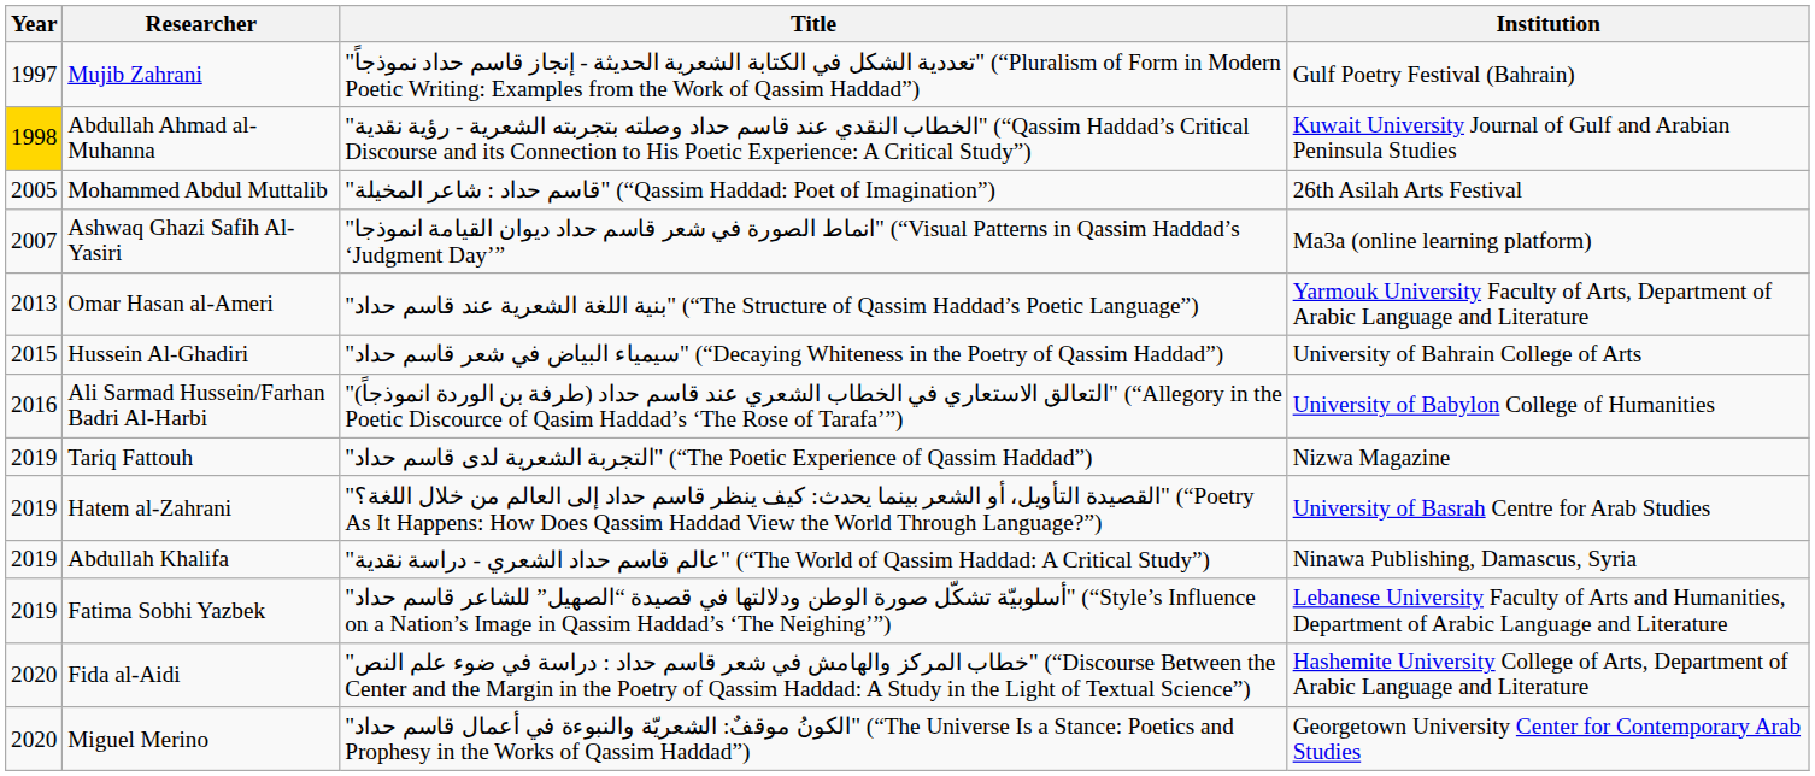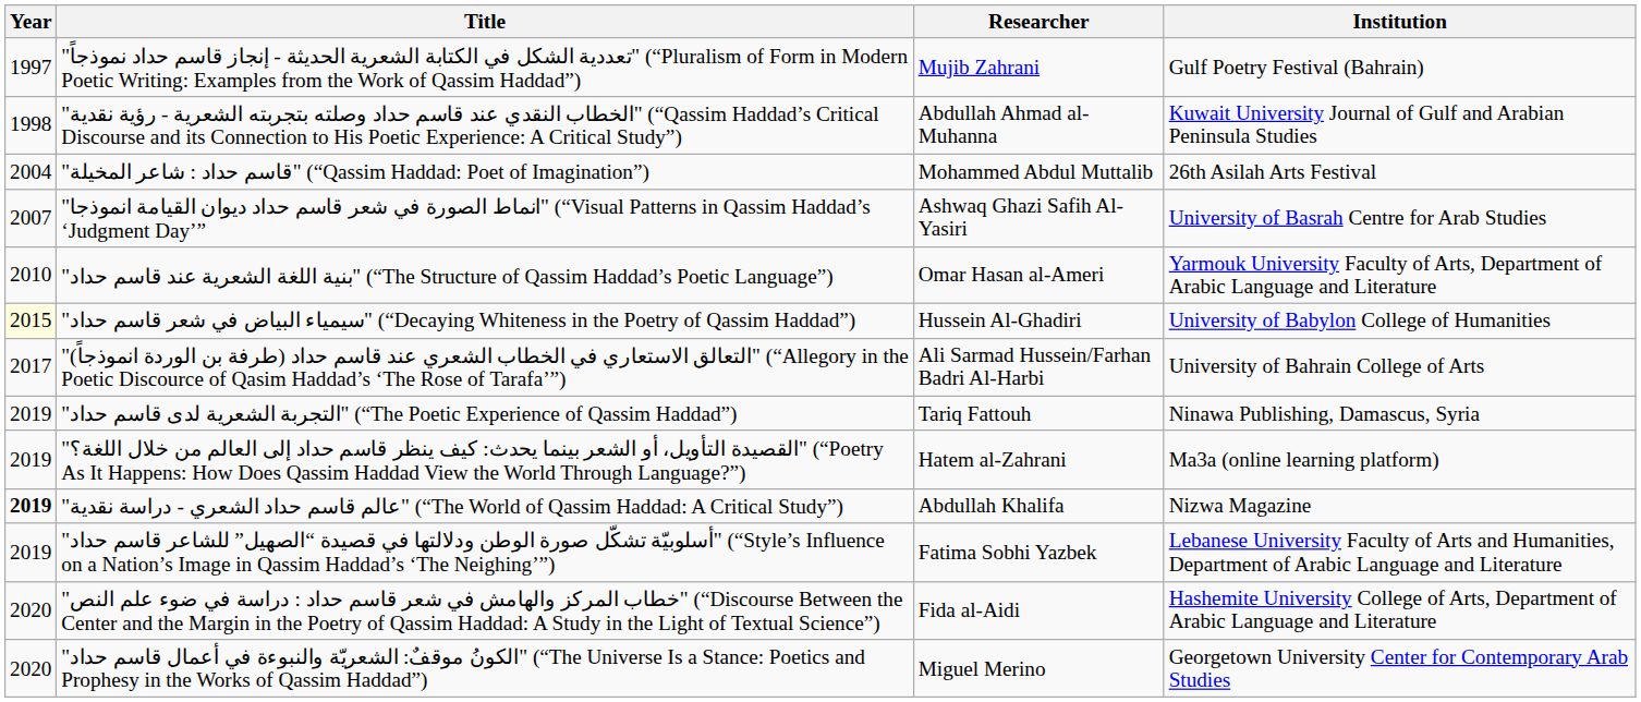 <table class="wikitable">
 <tr>
 <th>Year</th>
+<th>Title</th>
 <th>Researcher</th>
-<th>Title</th>
 <th>Institution</th>
 </tr>
 <tr>
 <td>1997</td>
+<td>"تعددية الشكل في الكتابة الشعرية الحديثة - إنجاز قاسم حداد نموذجاً" (“Pluralism of Form in Modern Poetic Writing: Examples from the Work of Qassim Haddad”)</td>
 <td><a href='#'>Mujib Zahrani</a></td>
-<td>"تعددية الشكل في الكتابة الشعرية الحديثة - إنجاز قاسم حداد نموذجاً" (“Pluralism of Form in Modern Poetic Writing: Examples from the Work of Qassim Haddad”)</td>
 <td>Gulf Poetry Festival (Bahrain)</td>
 </tr>
 <tr>
-<td style="background: gold;">1998</td>
+<td>1998</td>
+<td>"الخطاب النقدي عند قاسم حداد وصلته بتجربته الشعرية - رؤية نقدية" (“Qassim Haddad’s Critical Discourse and its Connection to His Poetic Experience: A Critical Study”)</td>
 <td>Abdullah Ahmad al-Muhanna</td>
-<td>"الخطاب النقدي عند قاسم حداد وصلته بتجربته الشعرية - رؤية نقدية" (“Qassim Haddad’s Critical Discourse and its Connection to His Poetic Experience: A Critical Study”)</td>
 <td><a href='#'>Kuwait University</a> Journal of Gulf and Arabian Peninsula Studies</td>
 </tr>
 <tr>
-<td>2005</td>
+<td>2004</td>
+<td>"قاسم حداد : شاعر المخيلة" (“Qassim Haddad: Poet of Imagination”)</td>
 <td>Mohammed Abdul Muttalib</td>
-<td>"قاسم حداد : شاعر المخيلة" (“Qassim Haddad: Poet of Imagination”)</td>
 <td>26th Asilah Arts Festival</td>
 </tr>
 <tr>
 <td>2007</td>
+<td>"انماط الصورة في شعر قاسم حداد ديوان القيامة انموذجا" (“Visual Patterns in Qassim Haddad’s ‘Judgment Day’”</td>
 <td>Ashwaq Ghazi Safih Al-Yasiri</td>
-<td>"انماط الصورة في شعر قاسم حداد ديوان القيامة انموذجا" (“Visual Patterns in Qassim Haddad’s ‘Judgment Day’”</td>
+<td><a href='#'>University of Basrah</a> Centre for Arab Studies</td>
+</tr>
+<tr>
+<td>2010</td>
+<td>"بنية اللغة الشعرية عند قاسم حداد" (“The Structure of Qassim Haddad’s Poetic Language”)</td>
+<td>Omar Hasan al-Ameri</td>
+<td><a href='#'>Yarmouk University</a> Faculty of Arts, Department of Arabic Language and Literature</td>
+</tr>
+<tr>
+<td style="background: lightyellow;">2015</td>
+<td>"سيمياء البياض في شعر قاسم حداد" (“Decaying Whiteness in the Poetry of Qassim Haddad”)</td>
+<td>Hussein Al-Ghadiri</td>
+<td><a href='#'>University of Babylon</a> College of Humanities</td>
+</tr>
+<tr>
+<td>2017</td>
+<td>"التعالق الاستعاري في الخطاب الشعري عند قاسم حداد (طرفة بن الوردة انموذجاً)" (“Allegory in the Poetic Discource of Qasim Haddad’s ‘The Rose of Tarafa’”)</td>
+<td>Ali Sarmad Hussein/Farhan Badri Al-Harbi</td>
+<td>University of Bahrain College of Arts</td>
+</tr>
+<tr>
+<td>2019</td>
+<td>"التجربة الشعرية لدى قاسم حداد" (“The Poetic Experience of Qassim Haddad”)</td>
+<td>Tariq Fattouh</td>
+<td>Ninawa Publishing, Damascus, Syria</td>
+</tr>
+<tr>
+<td>2019</td>
+<td>"القصيدة التأويل، أو الشعر بينما يحدث: كيف ينظر قاسم حداد إلى العالم من خلال اللغة؟" (“Poetry As It Happens: How Does Qassim Haddad View the World Through Language?”)</td>
+<td>Hatem al-Zahrani</td>
 <td>Ma3a (online learning platform)</td>
 </tr>
 <tr>
-<td>2013</td>
-<td>Omar Hasan al-Ameri</td>
-<td>"بنية اللغة الشعرية عند قاسم حداد" (“The Structure of Qassim Haddad’s Poetic Language”)</td>
-<td><a href='#'>Yarmouk University</a> Faculty of Arts, Department of Arabic Language and Literature</td>
-</tr>
-<tr>
-<td>2015</td>
-<td>Hussein Al-Ghadiri</td>
-<td>"سيمياء البياض في شعر قاسم حداد" (“Decaying Whiteness in the Poetry of Qassim Haddad”)</td>
-<td>University of Bahrain College of Arts</td>
-</tr>
-<tr>
-<td>2016</td>
-<td>Ali Sarmad Hussein/Farhan Badri Al-Harbi</td>
-<td>"التعالق الاستعاري في الخطاب الشعري عند قاسم حداد (طرفة بن الوردة انموذجاً)" (“Allegory in the Poetic Discource of Qasim Haddad’s ‘The Rose of Tarafa’”)</td>
-<td><a href='#'>University of Babylon</a> College of Humanities</td>
-</tr>
-<tr>
-<td>2019</td>
-<td>Tariq Fattouh</td>
-<td>"التجربة الشعرية لدى قاسم حداد" (“The Poetic Experience of Qassim Haddad”)</td>
+<td><strong>2019</strong></td>
+<td>"عالم قاسم حداد الشعري - دراسة نقدية" (“The World of Qassim Haddad: A Critical Study”)</td>
+<td>Abdullah Khalifa</td>
 <td>Nizwa Magazine</td>
 </tr>
 <tr>
 <td>2019</td>
-<td>Hatem al-Zahrani</td>
-<td>"القصيدة التأويل، أو الشعر بينما يحدث: كيف ينظر قاسم حداد إلى العالم من خلال اللغة؟" (“Poetry As It Happens: How Does Qassim Haddad View the World Through Language?”)</td>
-<td><a href='#'>University of Basrah</a> Centre for Arab Studies</td>
-</tr>
-<tr>
-<td>2019</td>
-<td>Abdullah Khalifa</td>
-<td>"عالم قاسم حداد الشعري - دراسة نقدية" (“The World of Qassim Haddad: A Critical Study”)</td>
-<td>Ninawa Publishing, Damascus, Syria</td>
-</tr>
-<tr>
-<td>2019</td>
+<td>"أسلوبيّة تشكّل صورة الوطن ودلالتها في قصيدة “الصهيل” للشاعر قاسم حداد" (“Style’s Influence on a Nation’s Image in Qassim Haddad’s ‘The Neighing’”)</td>
 <td>Fatima Sobhi Yazbek</td>
-<td>"أسلوبيّة تشكّل صورة الوطن ودلالتها في قصيدة “الصهيل” للشاعر قاسم حداد" (“Style’s Influence on a Nation’s Image in Qassim Haddad’s ‘The Neighing’”)</td>
 <td><a href='#'>Lebanese University</a> Faculty of Arts and Humanities, Department of Arabic Language and Literature</td>
 </tr>
 <tr>
 <td>2020</td>
+<td>"خطاب المركز والهامش في شعر قاسم حداد : دراسة في ضوء علم النص" (“Discourse Between the Center and the Margin in the Poetry of Qassim Haddad: A Study in the Light of Textual Science”)</td>
 <td>Fida al-Aidi</td>
-<td>"خطاب المركز والهامش في شعر قاسم حداد : دراسة في ضوء علم النص" (“Discourse Between the Center and the Margin in the Poetry of Qassim Haddad: A Study in the Light of Textual Science”)</td>
 <td><a href='#'>Hashemite University</a> College of Arts, Department of Arabic Language and Literature</td>
 </tr>
 <tr>
 <td>2020</td>
+<td>"الكونُ موقفٌ: الشعريّة والنبوءة في أعمال قاسم حداد" (“The Universe Is a Stance: Poetics and Prophesy in the Works of Qassim Haddad”)</td>
 <td>Miguel Merino</td>
-<td>"الكونُ موقفٌ: الشعريّة والنبوءة في أعمال قاسم حداد" (“The Universe Is a Stance: Poetics and Prophesy in the Works of Qassim Haddad”)</td>
 <td>Georgetown University <a href='#'>Center for Contemporary Arab Studies</a></td>
 </tr>
 </table>
